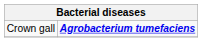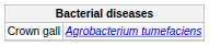 <table class="wikitable" style="clear">
 <tr>
 <th colspan=2><strong>Bacterial diseases</strong><br></th>
 </tr>
 <tr>
 <td>Crown gall</td>
-<td><strong><em><a href='#'>Agrobacterium tumefaciens</a></em></strong></td>
+<td><em><a href='#'>Agrobacterium tumefaciens</a></em></td>
 </tr>
 <tr>
 </tr>
 </table>
